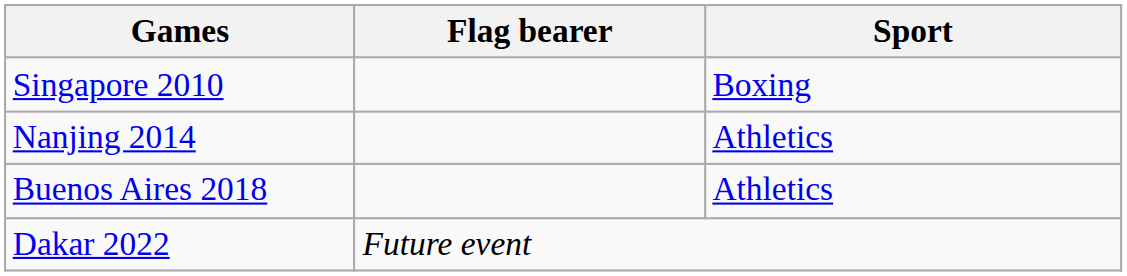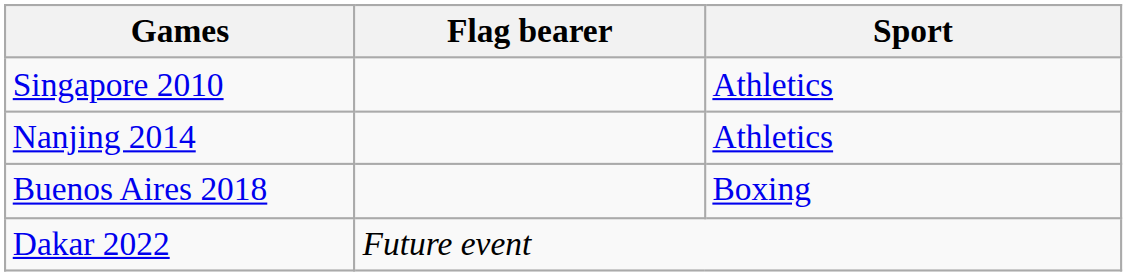 <table class="wikitable sortable">
 <tr>
 <th style="width:10em">Games</th>
 <th style="width:10em">Flag bearer</th>
 <th style="width:12em">Sport</th>
 </tr>
 <tr>
 <td> <a href='#'>Singapore 2010</a></td>
 <td></td>
-<td> <a href='#'>Boxing</a></td>
+<td> <a href='#'>Athletics</a></td>
 </tr>
 <tr>
 <td> <a href='#'>Nanjing 2014</a></td>
 <td></td>
 <td> <a href='#'>Athletics</a></td>
 </tr>
 <tr>
 <td> <a href='#'>Buenos Aires 2018</a></td>
 <td></td>
-<td> <a href='#'>Athletics</a></td>
+<td> <a href='#'>Boxing</a></td>
 </tr>
 <tr>
 <td> <a href='#'>Dakar 2022</a></td>
 <td colspan=2><em>Future event</em></td>
 </tr>
 </table>
